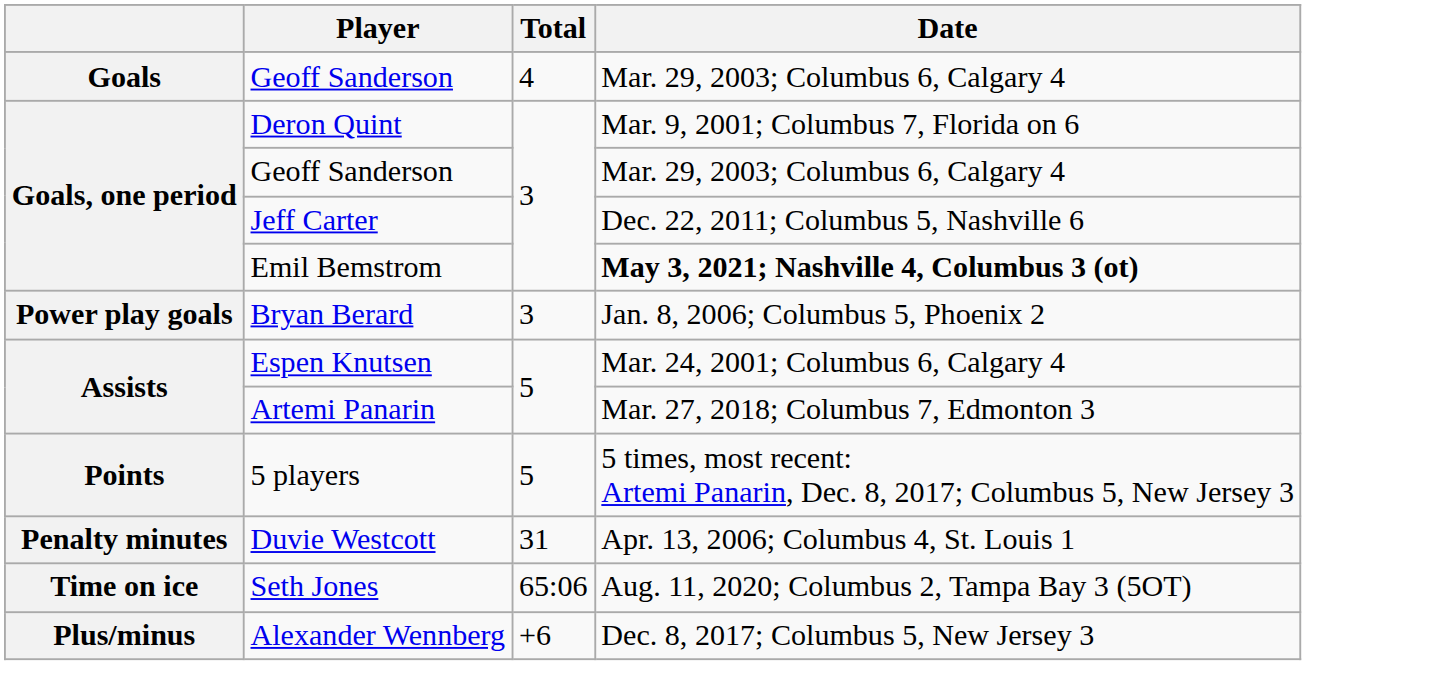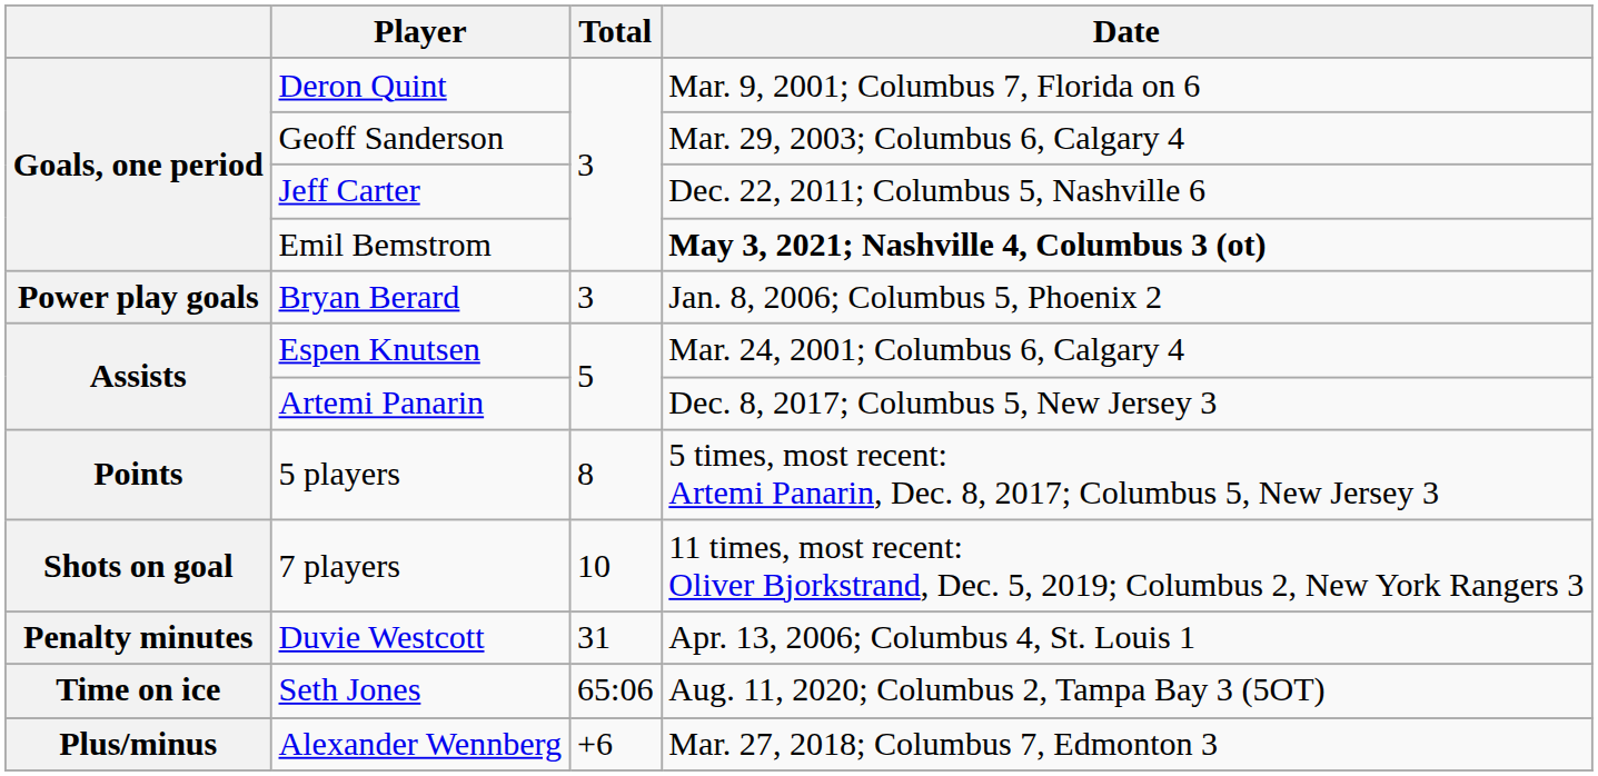 <table class="wikitable">
 <tr>
 <th></th>
 <th>Player</th>
 <th>Total</th>
 <th>Date</th>
-</tr>
-<tr>
-<th>Goals</th>
-<td><a href='#'>Geoff Sanderson</a></td>
-<td>4</td>
-<td>Mar. 29, 2003; Columbus 6, Calgary 4</td>
 </tr>
 <tr>
 <th rowspan="4”">Goals, one period</th>
 <td><a href='#'>Deron Quint</a></td>
 <td rowspan="4”">3</td>
 <td>Mar. 9, 2001; Columbus 7, Florida on 6</td>
 </tr>
 <tr>
 <td>Geoff Sanderson</td>
 <td>Mar. 29, 2003; Columbus 6, Calgary 4</td>
 </tr>
 <tr>
 <td><a href='#'>Jeff Carter</a></td>
 <td>Dec. 22, 2011; Columbus 5, Nashville 6</td>
 </tr>
 <tr>
 <td>Emil Bemstrom</td>
 <td><strong>May 3, 2021; Nashville 4, Columbus 3 (ot)</strong></td>
 </tr>
 <tr>
 <th>Power play goals</th>
 <td><a href='#'>Bryan Berard</a></td>
 <td>3</td>
 <td>Jan. 8, 2006; Columbus 5, Phoenix 2</td>
 </tr>
 <tr>
 <th rowspan="2">Assists</th>
 <td><a href='#'>Espen Knutsen</a></td>
 <td rowspan="2">5</td>
 <td>Mar. 24, 2001; Columbus 6, Calgary 4</td>
 </tr>
 <tr>
 <td><a href='#'>Artemi Panarin</a></td>
-<td>Mar. 27, 2018; Columbus 7, Edmonton 3</td>
+<td>Dec. 8, 2017; Columbus 5, New Jersey 3</td>
 </tr>
 <tr>
 <th>Points</th>
 <td>5 players</td>
-<td>5</td>
+<td>8</td>
 <td>5 times, most recent:<br><a href='#'>Artemi Panarin</a>, Dec. 8, 2017; Columbus 5, New Jersey 3</td>
+</tr>
+<tr>
+<th>Shots on goal</th>
+<td>7 players</td>
+<td>10</td>
+<td>11 times, most recent:<br><a href='#'>Oliver Bjorkstrand</a>, Dec. 5, 2019; Columbus 2, New York Rangers 3</td>
 </tr>
 <tr>
 <th>Penalty minutes</th>
 <td><a href='#'>Duvie Westcott</a></td>
 <td>31</td>
 <td>Apr. 13, 2006; Columbus 4, St. Louis 1</td>
 </tr>
 <tr>
 <th>Time on ice</th>
 <td><a href='#'>Seth Jones</a></td>
 <td>65:06</td>
 <td>Aug. 11, 2020; Columbus 2, Tampa Bay 3 (5OT)</td>
 </tr>
 <tr>
 <th rowspan="3">Plus/minus</th>
 <td><a href='#'>Alexander Wennberg</a></td>
 <td rowspan="3">+6</td>
-<td>Dec. 8, 2017; Columbus 5, New Jersey 3</td>
+<td>Mar. 27, 2018; Columbus 7, Edmonton 3</td>
 </tr>
 </table>
